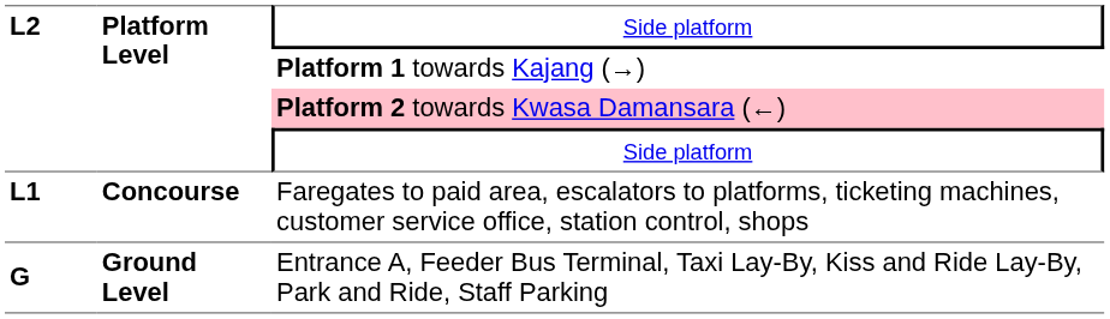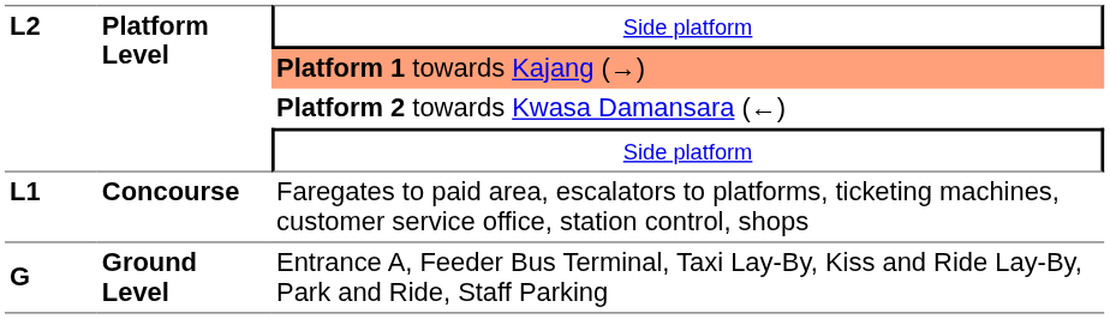 <table table border=0 cellspacing=0 cellpadding=3>
 <tr>
 <td style="border-top:solid 1px gray;border-bottom:solid 1px gray;" rowspan=4 width=50 valign=top><strong>L2</strong></td>
 <td style="border-top:solid 1px gray;border-bottom:solid 1px gray;" rowspan=4 width=100 valign=top><strong>Platform Level</strong></td>
 <td style="width=500;border-top:solid 1px gray;border-right:solid 2px black;border-left:solid 2px black;border-bottom:solid 2px black;text-align:center;" colspan=1><small><a href='#'>Side platform</a></small></td>
 </tr>
 <tr>
-<td width=500><strong>Platform 1</strong>    towards <a href='#'>Kajang</a>  (→)</td>
+<td width=500 style="background: lightsalmon;"><strong>Platform 1</strong>    towards <a href='#'>Kajang</a>  (→)</td>
 </tr>
 <tr>
-<td width=500 style="background: pink;"><strong>Platform 2</strong>    towards <a href='#'>Kwasa Damansara</a>  (←)</td>
+<td width=500><strong>Platform 2</strong>    towards <a href='#'>Kwasa Damansara</a>  (←)</td>
 </tr>
 <tr>
 <td style="width=500;border-top:solid 2px black;border-right:solid 2px black;border-left:solid 2px black;border-bottom:solid 1px gray;text-align:center;" colspan=1><small><a href='#'>Side platform</a></small></td>
 </tr>
 <tr style="vertical-align:top;">
 <td style="border-bottom:solid 1px gray; "><strong>L1</strong></td>
 <td style="border-bottom:solid 1px gray; "><strong>Concourse</strong></td>
 <td style="border-bottom:solid 1px gray; " width=500>Faregates to paid area, escalators to platforms, ticketing machines, customer service office, station control, shops</td>
 </tr>
 <tr>
 <td style="border-bottom:solid 1px gray; "><strong>G</strong></td>
 <td style="border-bottom:solid 1px gray; "><strong>Ground Level</strong></td>
 <td style="border-bottom:solid 1px gray; ">Entrance A, Feeder Bus Terminal, Taxi Lay-By, Kiss and Ride Lay-By, Park and Ride, Staff Parking</td>
 </tr>
 </table>
